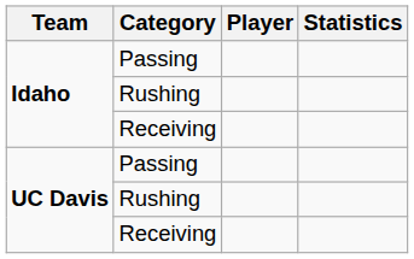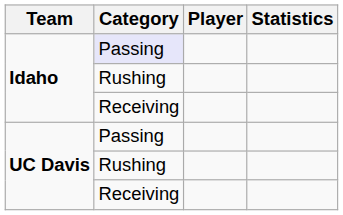 <table class="wikitable" style="float: right;">
 <tr>
 <th>Team</th>
 <th>Category</th>
 <th>Player</th>
 <th>Statistics</th>
 </tr>
 <tr>
 <td rowspan=3><strong>Idaho</strong></td>
-<td>Passing</td>
+<td style="background: lavender;">Passing</td>
 <td></td>
 <td></td>
 </tr>
 <tr>
 <td>Rushing</td>
 <td></td>
 <td></td>
 </tr>
 <tr>
 <td>Receiving</td>
 <td></td>
 <td></td>
 </tr>
 <tr>
 <td rowspan=3><strong>UC Davis</strong></td>
 <td>Passing</td>
 <td></td>
 <td></td>
 </tr>
 <tr>
 <td>Rushing</td>
 <td></td>
 <td></td>
 </tr>
 <tr>
 <td>Receiving</td>
 <td></td>
 <td></td>
 </tr>
 </table>
